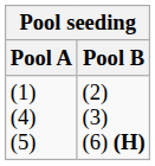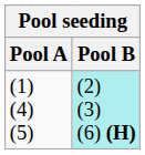 <table class="wikitable collapsible">
 <tr>
 <th colspan=2>Pool seeding</th>
 </tr>
 <tr>
 <th>Pool A</th>
 <th>Pool B</th>
 </tr>
 <tr>
 <td valign=top> (1)<br> (4)<br> (5)</td>
-<td valign=top> (2) <br> (3)<br> (6) <strong>(H)</strong></td>
+<td valign=top style="background: paleturquoise;"> (2) <br> (3)<br> (6) <strong>(H)</strong></td>
 </tr>
 </table>
